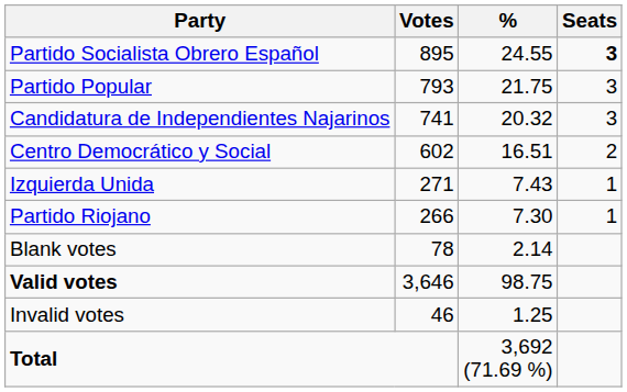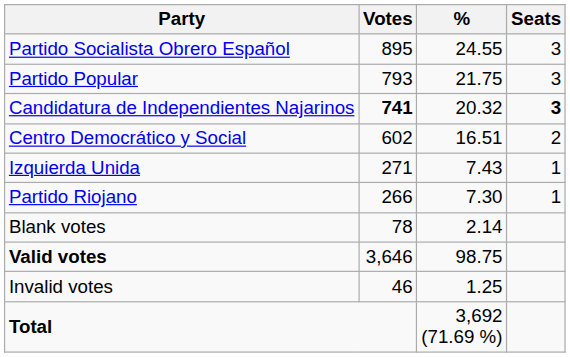 <table class="wikitable">
 <tr style="background:#e9e9e9;">
 <th>Party</th>
 <th>Votes</th>
 <th>%</th>
 <th>Seats</th>
 </tr>
 <tr>
 <td><a href='#'>Partido Socialista Obrero Español</a></td>
 <td align="right">895</td>
 <td align="right">24.55</td>
-<td align="right"><strong>3</strong></td>
+<td align="right">3</td>
 </tr>
 <tr>
 <td><a href='#'>Partido Popular</a></td>
 <td align="right">793</td>
 <td align="right">21.75</td>
 <td align="right">3</td>
 </tr>
 <tr>
 <td><a href='#'>Candidatura de Independientes Najarinos</a></td>
-<td align="right">741</td>
+<td align="right"><strong>741</strong></td>
 <td align="right">20.32</td>
-<td align="right">3</td>
+<td align="right"><strong>3</strong></td>
 </tr>
 <tr>
 <td><a href='#'>Centro Democrático y Social</a></td>
 <td align="right">602</td>
 <td align="right">16.51</td>
 <td align="right">2</td>
 </tr>
 <tr>
 <td><a href='#'>Izquierda Unida</a></td>
 <td align="right">271</td>
 <td align="right">7.43</td>
 <td align="right">1</td>
 </tr>
 <tr>
 <td><a href='#'>Partido Riojano</a></td>
 <td align="right">266</td>
 <td align="right">7.30</td>
 <td align="right">1</td>
 </tr>
 <tr>
 <td>Blank votes</td>
 <td align="right">78</td>
 <td align="right">2.14</td>
 <td> </td>
 </tr>
 <tr>
 <td><strong>Valid votes</strong></td>
 <td align="right">3,646</td>
 <td align="right">98.75</td>
 <td> </td>
 </tr>
 <tr>
 <td>Invalid votes</td>
 <td align="right">46</td>
 <td align="right">1.25</td>
 <td> </td>
 </tr>
 <tr>
 <td colspan="2"><strong>Total</strong></td>
 <td align="right">3,692<br>(71.69 %)</td>
 <td></td>
 </tr>
 </table>
